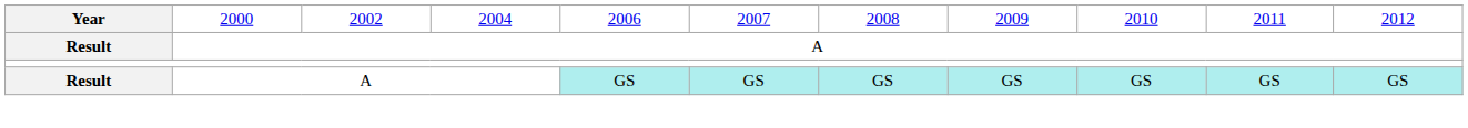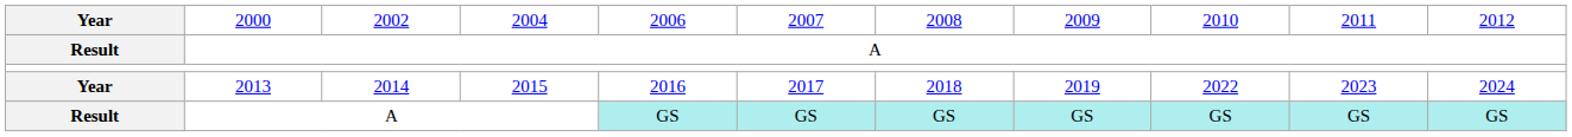 <table class="wikitable" style="text-align:center; font-size:90%; background:white;" width="100%">
 <tr>
 <th>Year</th>
 <td><a href='#'>2000</a></td>
 <td><a href='#'>2002</a></td>
 <td><a href='#'>2004</a></td>
 <td><a href='#'>2006</a></td>
 <td><a href='#'>2007</a></td>
 <td><a href='#'>2008</a></td>
 <td><a href='#'>2009</a></td>
 <td><a href='#'>2010</a></td>
 <td><a href='#'>2011</a></td>
 <td><a href='#'>2012</a></td>
 </tr>
 <tr>
 <th>Result</th>
 <td colspan="10">A</td>
 </tr>
 <tr>
 <td colspan="11"></td>
 </tr>
 <tr>
+<th>Year</th>
+<td><a href='#'>2013</a></td>
+<td><a href='#'>2014</a></td>
+<td><a href='#'>2015</a></td>
+<td><a href='#'>2016</a></td>
+<td><a href='#'>2017</a></td>
+<td><a href='#'>2018</a></td>
+<td><a href='#'>2019</a></td>
+<td><a href='#'>2022</a></td>
+<td><a href='#'>2023</a></td>
+<td><a href='#'>2024</a></td>
+</tr>
+<tr>
 <th>Result</th>
 <td colspan="3">A</td>
 <td bgcolor="afeeee">GS</td>
 <td bgcolor="afeeee">GS</td>
 <td bgcolor="afeeee">GS</td>
 <td bgcolor="afeeee">GS</td>
 <td bgcolor="afeeee">GS</td>
 <td bgcolor="afeeee">GS</td>
 <td bgcolor="afeeee">GS</td>
 </tr>
 </table>
